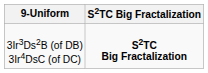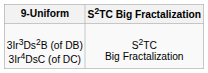 <table class="wikitable" style="margin: auto;">
 <tr>
 <th>9-Uniform</th>
 <th>S<sup>2</sup>TC Big Fractalization</th>
 </tr>
 <tr align="center" valign="top">
 <td> <br> 3Ir<sup>3</sup>Ds<sup>2</sup>B (of DB)<br> 3Ir<sup>4</sup>DsC (of DC)</td>
-<td><strong> <br> S<sup>2</sup>TC<br>Big Fractalization</strong></td>
+<td> <br> S<sup>2</sup>TC<br>Big Fractalization</td>
 </tr>
 </table>
